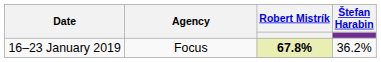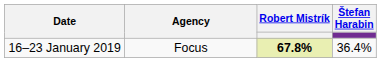 <table class="wikitable" style="text-align:center;">
 <tr style="font-size:85%;">
 <th style="width:150px;" rowspan="2">Date</th>
 <th style="width:165px;" rowspan="2">Agency</th>
 <th><a href='#'>Robert Mistrík</a></th>
 <th><a href='#'>Štefan Harabin</a></th>
 </tr>
 <tr>
 <th style="background:"></th>
 <th style="background:#702C91; width:40px;"></th>
 </tr>
 <tr>
 <td>16–23 January 2019</td>
 <td>Focus</td>
 <td style="background:#E9EFB2"><strong>67.8%</strong></td>
-<td>36.2%</td>
+<td>36.4%</td>
 </tr>
 </table>
